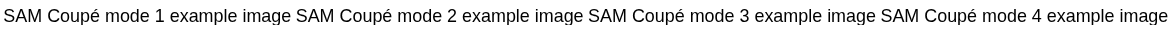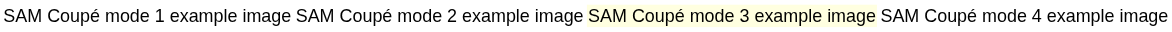 <table>
 <tr>
 <td></td>
 <td></td>
 <td></td>
 <td style="vertical-align:top;"></td>
 </tr>
 <tr>
 <td>SAM Coupé mode 1 example image</td>
 <td>SAM Coupé mode 2 example image</td>
-<td>SAM Coupé mode 3 example image</td>
+<td style="background: lightyellow;">SAM Coupé mode 3 example image</td>
 <td>SAM Coupé mode 4 example image</td>
 </tr>
 </table>
